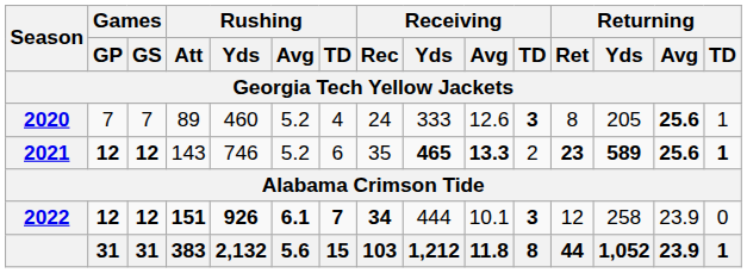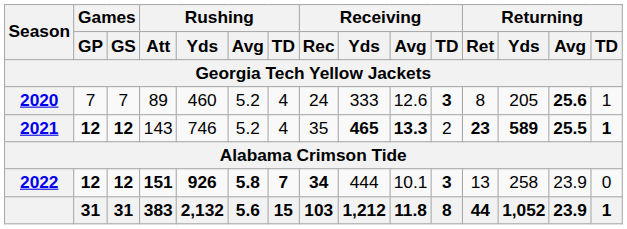 <table class="wikitable" style="text-align:center;">
 <tr>
 <th rowspan="2">Season</th>
 <th colspan="2">Games</th>
 <th colspan="4">Rushing</th>
 <th colspan="4">Receiving</th>
 <th colspan="4">Returning</th>
 </tr>
 <tr>
 <th>GP</th>
 <th>GS</th>
 <th>Att</th>
 <th>Yds</th>
 <th>Avg</th>
 <th>TD</th>
 <th>Rec</th>
 <th>Yds</th>
 <th>Avg</th>
 <th>TD</th>
 <th>Ret</th>
 <th>Yds</th>
 <th>Avg</th>
 <th>TD</th>
 </tr>
 <tr>
 <th colspan="16">Georgia Tech Yellow Jackets</th>
 </tr>
 <tr>
 <th><a href='#'>2020</a></th>
 <td>7</td>
 <td>7</td>
 <td>89</td>
 <td>460</td>
 <td>5.2</td>
 <td>4</td>
 <td>24</td>
 <td>333</td>
 <td>12.6</td>
 <td><strong>3</strong></td>
 <td>8</td>
 <td>205</td>
 <td><strong>25.6</strong></td>
 <td>1</td>
 </tr>
 <tr>
 <th><a href='#'>2021</a></th>
 <td><strong>12</strong></td>
 <td><strong>12</strong></td>
 <td>143</td>
 <td>746</td>
 <td>5.2</td>
-<td>6</td>
+<td>4</td>
 <td>35</td>
 <td><strong>465</strong></td>
 <td><strong>13.3</strong></td>
 <td>2</td>
 <td><strong>23</strong></td>
 <td><strong>589</strong></td>
-<td><strong>25.6</strong></td>
+<td><strong>25.5</strong></td>
 <td><strong>1</strong></td>
 </tr>
 <tr>
 <th colspan="16">Alabama Crimson Tide</th>
 </tr>
 <tr>
 <th><a href='#'>2022</a></th>
 <td><strong>12</strong></td>
 <td><strong>12</strong></td>
 <td><strong>151</strong></td>
 <td><strong>926</strong></td>
-<td><strong>6.1</strong></td>
+<td><strong>5.8</strong></td>
 <td><strong>7</strong></td>
 <td><strong>34</strong></td>
 <td>444</td>
 <td>10.1</td>
 <td><strong>3</strong></td>
-<td>12</td>
+<td>13</td>
 <td>258</td>
 <td>23.9</td>
 <td>0</td>
 </tr>
 <tr>
 <th></th>
 <th>31</th>
 <th>31</th>
 <th>383</th>
 <th>2,132</th>
 <th>5.6</th>
 <th>15</th>
 <th>103</th>
 <th>1,212</th>
 <th>11.8</th>
 <th>8</th>
 <th>44</th>
 <th>1,052</th>
 <th>23.9</th>
 <th>1</th>
 </tr>
 </table>
